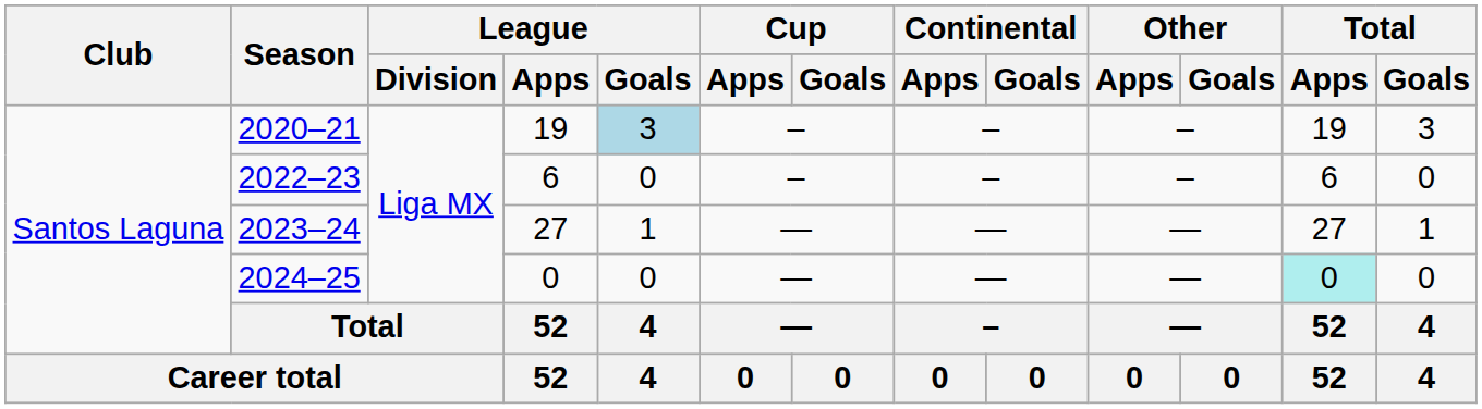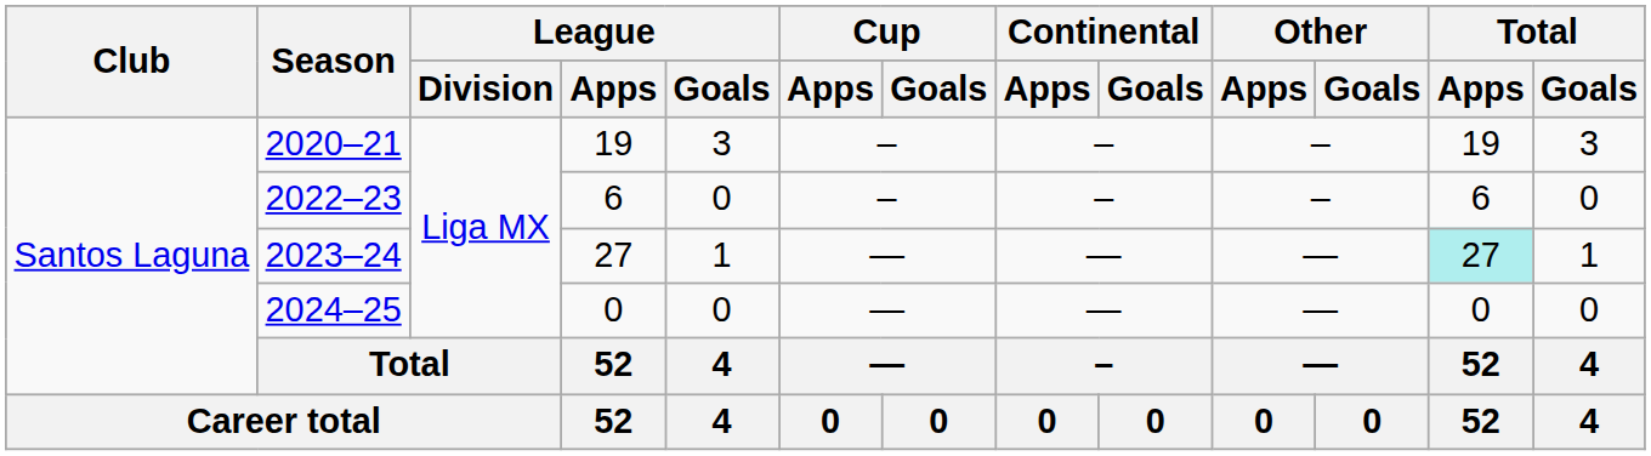 <table class="wikitable" style="text-align: center">
 <tr>
 <th rowspan="2">Club</th>
 <th rowspan="2">Season</th>
 <th colspan="3">League</th>
 <th colspan="2">Cup</th>
 <th colspan="2">Continental</th>
 <th colspan="2">Other</th>
 <th colspan="2">Total</th>
 </tr>
 <tr>
 <th>Division</th>
 <th>Apps</th>
 <th>Goals</th>
 <th>Apps</th>
 <th>Goals</th>
 <th>Apps</th>
 <th>Goals</th>
 <th>Apps</th>
 <th>Goals</th>
 <th>Apps</th>
 <th>Goals</th>
 </tr>
 <tr>
 <td rowspan="5"><a href='#'>Santos Laguna</a></td>
 <td><a href='#'>2020–21</a></td>
 <td rowspan="4"><a href='#'>Liga MX</a></td>
 <td>19</td>
-<td style="background: lightblue;">3</td>
+<td>3</td>
 <td colspan="2">–</td>
 <td colspan="2">–</td>
 <td colspan="2">–</td>
 <td>19</td>
 <td>3</td>
 </tr>
 <tr>
 <td><a href='#'>2022–23</a></td>
 <td>6</td>
 <td>0</td>
 <td colspan="2">–</td>
 <td colspan="2">–</td>
 <td colspan="2">–</td>
 <td>6</td>
 <td>0</td>
 </tr>
 <tr>
 <td><a href='#'>2023–24</a></td>
 <td>27</td>
 <td>1</td>
 <td colspan=2>—</td>
 <td colspan=2>—</td>
 <td colspan=2>—</td>
-<td>27</td>
+<td style="background: paleturquoise;">27</td>
 <td>1</td>
 </tr>
 <tr>
 <td><a href='#'>2024–25</a></td>
 <td>0</td>
 <td>0</td>
 <td colspan="2">—</td>
 <td colspan="2">—</td>
 <td colspan="2">—</td>
-<td style="background: paleturquoise;">0</td>
+<td>0</td>
 <td>0</td>
 </tr>
 <tr>
 <th colspan="2">Total</th>
 <th>52</th>
 <th>4</th>
 <th colspan="2">—</th>
 <th colspan="2">–</th>
 <th colspan="2">—</th>
 <th>52</th>
 <th>4</th>
 </tr>
 <tr>
 <th colspan="3"><strong>Career total</strong></th>
 <th>52</th>
 <th>4</th>
 <th>0</th>
 <th>0</th>
 <th>0</th>
 <th>0</th>
 <th>0</th>
 <th>0</th>
 <th>52</th>
 <th>4</th>
 </tr>
 </table>
